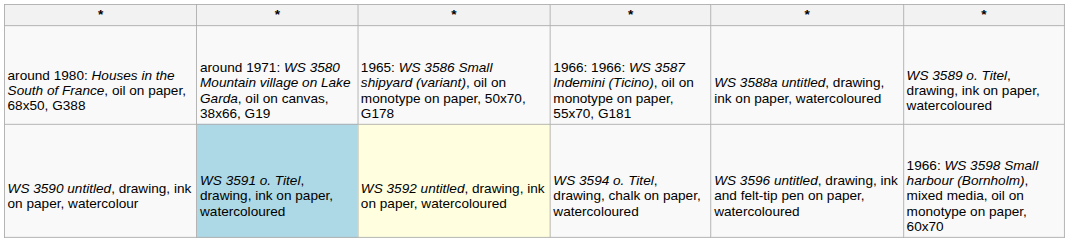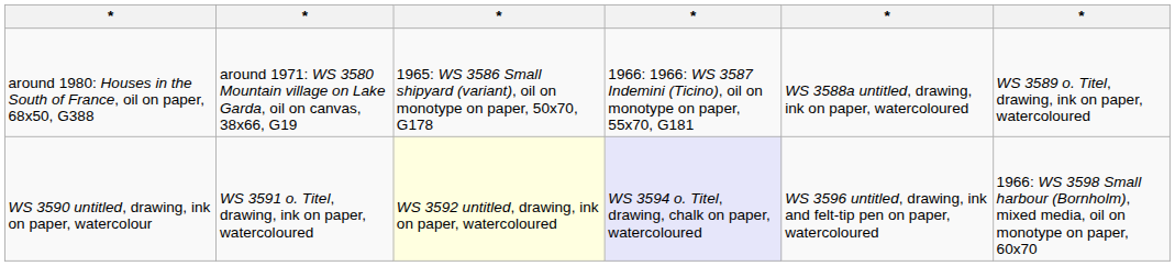 <table class="wikitable">
 <tr class="hintergrundfarbe5">
 <th style="width:10%">*</th>
 <th style="width:8%">*</th>
 <th style="width:10%">*</th>
 <th style="width: 8%">*</th>
 <th style="width:10%">*</th>
 <th style="width:8%">*</th>
 </tr>
 <tr>
 <td><br><br><div>around 1980: <em>Houses in the South of France</em>, oil on paper, 68x50, G388</div></td>
 <td><br><br><div> around 1971: <em>WS 3580 Mountain village on Lake Garda</em>, oil on canvas, 38x66, G19</div></td>
 <td><br><br><div> 1965: <em>WS 3586 Small shipyard (variant)</em>, oil on monotype on paper, 50x70, G178</div></td>
 <td><br><br><div> 1966: 1966: <em>WS 3587 Indemini (Ticino)</em>, oil on monotype on paper, 55x70, G181</div></td>
 <td><br><br><div> <em>WS 3588a untitled</em>, drawing, ink on paper, watercoloured</div></td>
 <td><br><br><div><em>WS 3589 o. Titel</em>, drawing, ink on paper, watercoloured</div></td>
 </tr>
 <tr>
 <td><br><br><div><em>WS 3590 untitled</em>, drawing, ink on paper, watercolour</div></td>
-<td style="background: lightblue;"><br><br><div><em>WS 3591 o. Titel</em>, drawing, ink on paper, watercoloured</div></td>
+<td><br><br><div><em>WS 3591 o. Titel</em>, drawing, ink on paper, watercoloured</div></td>
 <td style="background: lightyellow;"><br><br><div><em>WS 3592 untitled</em>, drawing, ink on paper, watercoloured</div></td>
-<td><br><br><div><em>WS 3594 o. Titel</em>, drawing, chalk on paper, watercoloured</div></td>
+<td style="background: lavender;"><br><br><div><em>WS 3594 o. Titel</em>, drawing, chalk on paper, watercoloured</div></td>
 <td><br><br><div><em>WS 3596 untitled</em>, drawing, ink and felt-tip pen on paper, watercoloured</div></td>
 <td><br><br><div> 1966: <em>WS 3598 Small harbour (Bornholm)</em>, mixed media, oil on monotype on paper, 60x70</div></td>
 </tr>
 </table>
